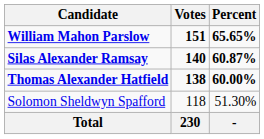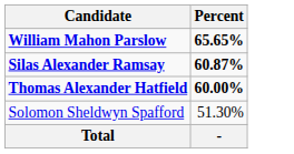 <table class="wikitable">
 <tr>
 <th>Candidate</th>
-<th>Votes</th>
 <th>Percent</th>
 </tr>
 <tr>
 <td style="font-weight:bold;"><a href='#'>William Mahon Parslow</a></td>
-<td style="text-align: right; font-weight:bold;">151</td>
 <td style="text-align: right; font-weight:bold;">65.65%</td>
 </tr>
 <tr>
 <td style="font-weight:bold;"><a href='#'>Silas Alexander Ramsay</a></td>
-<td style="text-align: right; font-weight:bold;">140</td>
 <td style="text-align: right; font-weight:bold;">60.87%</td>
 </tr>
 <tr>
 <td style="font-weight:bold;"><a href='#'>Thomas Alexander Hatfield</a></td>
-<td style="text-align: right; font-weight:bold;">138</td>
 <td style="text-align: right; font-weight:bold;">60.00%</td>
 </tr>
 <tr>
 <td><a href='#'>Solomon Sheldwyn Spafford</a></td>
-<td style="text-align: right;">118</td>
 <td style="text-align: right;">51.30%</td>
 </tr>
 <tr>
 <th>Total</th>
-<th>230</th>
 <th>-</th>
 </tr>
 </table>
